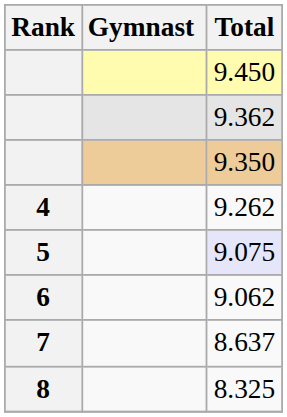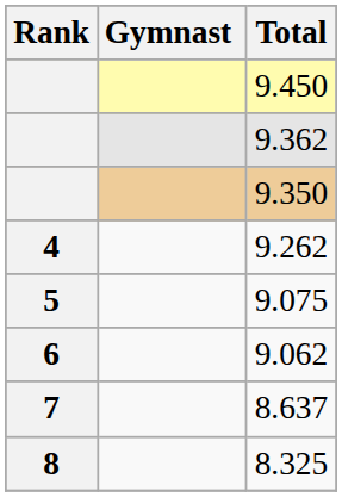 <table class="wikitable sortable" style="text-align:center; font-size:95%">
 <tr>
 <th scope=col>Rank</th>
 <th scope=col>Gymnast </th>
 <th scope=col>Total</th>
 </tr>
 <tr bgcolor=fffcaf>
 <th scope=row style="text-align:center"></th>
 <td align=left> </td>
 <td>9.450</td>
 </tr>
 <tr bgcolor=e5e5e5>
 <th scope=row style="text-align:center"></th>
 <td align=left> </td>
 <td>9.362</td>
 </tr>
 <tr bgcolor=eecc99>
 <th scope=row style="text-align:center"></th>
 <td align=left> </td>
 <td>9.350</td>
 </tr>
 <tr>
 <th scope=row style="text-align:center">4</th>
 <td align=left> </td>
 <td>9.262</td>
 </tr>
 <tr>
 <th scope=row style="text-align:center">5</th>
 <td align=left> </td>
-<td style="background: lavender;">9.075</td>
+<td>9.075</td>
 </tr>
 <tr>
 <th scope=row style="text-align:center">6</th>
 <td align=left> </td>
 <td>9.062</td>
 </tr>
 <tr>
 <th scope=row style="text-align:center">7</th>
 <td align=left> </td>
 <td>8.637</td>
 </tr>
 <tr>
 <th scope=row style="text-align:center">8</th>
 <td align=left> </td>
 <td>8.325</td>
 </tr>
 <tr>
 </tr>
 </table>
